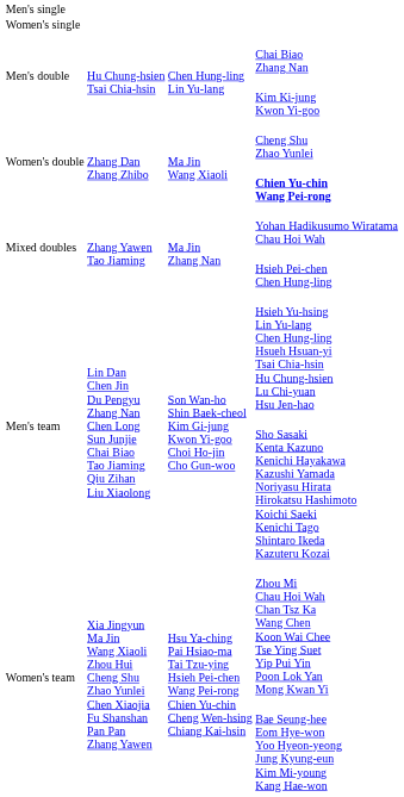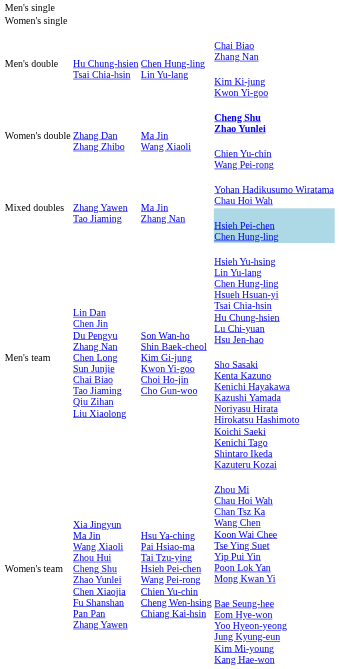 <table>
 <tr>
 <td rowspan=2>Men's single</td>
 <td rowspan=2></td>
 <td rowspan=2></td>
 <td></td>
 </tr>
 <tr>
 <td></td>
 </tr>
 <tr>
 <td rowspan=2>Women's single</td>
 <td rowspan=2></td>
 <td rowspan=2></td>
 <td></td>
 </tr>
 <tr>
 <td></td>
 </tr>
 <tr>
 <td rowspan=2>Men's double</td>
 <td rowspan=2><br><a href='#'>Hu Chung-hsien</a><br><a href='#'>Tsai Chia-hsin</a></td>
 <td rowspan=2><br><a href='#'>Chen Hung-ling</a><br><a href='#'>Lin Yu-lang</a></td>
 <td><br><a href='#'>Chai Biao</a><br><a href='#'>Zhang Nan</a></td>
 </tr>
 <tr>
 <td><br><a href='#'>Kim Ki-jung</a><br><a href='#'>Kwon Yi-goo</a></td>
 </tr>
 <tr>
 <td rowspan=2>Women's double</td>
 <td rowspan=2><br><a href='#'>Zhang Dan</a><br><a href='#'>Zhang Zhibo</a></td>
 <td rowspan=2><br><a href='#'>Ma Jin</a><br><a href='#'>Wang Xiaoli</a></td>
-<td><br><a href='#'>Cheng Shu</a><br><a href='#'>Zhao Yunlei</a></td>
+<td><strong><br><a href='#'>Cheng Shu</a><br><a href='#'>Zhao Yunlei</a></strong></td>
 </tr>
 <tr>
-<td><strong><br><a href='#'>Chien Yu-chin</a><br><a href='#'>Wang Pei-rong</a></strong></td>
+<td><br><a href='#'>Chien Yu-chin</a><br><a href='#'>Wang Pei-rong</a></td>
 </tr>
 <tr>
 <td rowspan=2>Mixed doubles</td>
 <td rowspan=2><br><a href='#'>Zhang Yawen</a><br><a href='#'>Tao Jiaming</a></td>
 <td rowspan=2><br><a href='#'>Ma Jin</a><br><a href='#'>Zhang Nan</a></td>
 <td><br><a href='#'>Yohan Hadikusumo Wiratama</a><br><a href='#'>Chau Hoi Wah</a></td>
 </tr>
 <tr>
-<td><br><a href='#'>Hsieh Pei-chen</a><br><a href='#'>Chen Hung-ling</a></td>
+<td style="background: lightblue;"><br><a href='#'>Hsieh Pei-chen</a><br><a href='#'>Chen Hung-ling</a></td>
 </tr>
 <tr>
 <td rowspan=2>Men's team</td>
 <td rowspan=2> <br> <a href='#'>Lin Dan</a> <br> <a href='#'>Chen Jin</a> <br> <a href='#'>Du Pengyu</a> <br> <a href='#'>Zhang Nan</a> <br> <a href='#'>Chen Long</a> <br> <a href='#'>Sun Junjie</a> <br> <a href='#'>Chai Biao</a> <br> <a href='#'>Tao Jiaming</a> <br> <a href='#'>Qiu Zihan</a> <br> <a href='#'>Liu Xiaolong</a></td>
 <td rowspan=2> <br> <a href='#'>Son Wan-ho</a> <br> <a href='#'>Shin Baek-cheol</a> <br> <a href='#'>Kim Gi-jung</a> <br> <a href='#'>Kwon Yi-goo</a> <br> <a href='#'>Choi Ho-jin</a> <br> <a href='#'>Cho Gun-woo</a></td>
 <td> <br> <a href='#'>Hsieh Yu-hsing</a> <br> <a href='#'>Lin Yu-lang</a> <br> <a href='#'>Chen Hung-ling</a> <br> <a href='#'>Hsueh Hsuan-yi</a> <br> <a href='#'>Tsai Chia-hsin</a> <br> <a href='#'>Hu Chung-hsien</a> <br> <a href='#'>Lu Chi-yuan</a> <br> <a href='#'>Hsu Jen-hao</a></td>
 </tr>
 <tr>
 <td> <br> <a href='#'>Sho Sasaki</a> <br> <a href='#'>Kenta Kazuno</a> <br> <a href='#'>Kenichi Hayakawa</a> <br> <a href='#'>Kazushi Yamada</a> <br> <a href='#'>Noriyasu Hirata</a> <br> <a href='#'>Hirokatsu Hashimoto</a> <br> <a href='#'>Koichi Saeki</a> <br> <a href='#'>Kenichi Tago</a> <br> <a href='#'>Shintaro Ikeda</a> <br> <a href='#'>Kazuteru Kozai</a></td>
 </tr>
 <tr>
 <td rowspan=2>Women's team</td>
 <td rowspan=2> <br> <a href='#'>Xia Jingyun</a> <br> <a href='#'>Ma Jin</a> <br> <a href='#'>Wang Xiaoli</a> <br> <a href='#'>Zhou Hui</a> <br> <a href='#'>Cheng Shu</a> <br> <a href='#'>Zhao Yunlei</a> <br> <a href='#'>Chen Xiaojia</a> <br> <a href='#'>Fu Shanshan</a> <br> <a href='#'>Pan Pan</a> <br> <a href='#'>Zhang Yawen</a></td>
 <td rowspan=2> <br> <a href='#'>Hsu Ya-ching</a> <br> <a href='#'>Pai Hsiao-ma</a> <br> <a href='#'>Tai Tzu-ying</a> <br> <a href='#'>Hsieh Pei-chen</a> <br> <a href='#'>Wang Pei-rong</a> <br> <a href='#'>Chien Yu-chin</a> <br> <a href='#'>Cheng Wen-hsing</a> <br> <a href='#'>Chiang Kai-hsin</a></td>
 <td> <br> <a href='#'>Zhou Mi</a> <br> <a href='#'>Chau Hoi Wah</a> <br> <a href='#'>Chan Tsz Ka</a> <br> <a href='#'>Wang Chen</a> <br> <a href='#'>Koon Wai Chee</a> <br> <a href='#'>Tse Ying Suet</a> <br> <a href='#'>Yip Pui Yin</a> <br> <a href='#'>Poon Lok Yan</a> <br> <a href='#'>Mong Kwan Yi</a></td>
 </tr>
 <tr>
 <td> <br> <a href='#'>Bae Seung-hee</a> <br> <a href='#'>Eom Hye-won</a> <br> <a href='#'>Yoo Hyeon-yeong</a> <br> <a href='#'>Jung Kyung-eun</a> <br> <a href='#'>Kim Mi-young</a> <br> <a href='#'>Kang Hae-won</a></td>
 </tr>
 </table>
